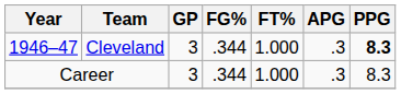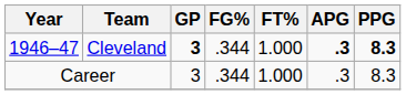 <table class="wikitable sortable" style="font-size:95%; text-align:right;">
 <tr>
 <th>Year</th>
 <th>Team</th>
 <th>GP</th>
 <th>FG%</th>
 <th>FT%</th>
 <th>APG</th>
 <th>PPG</th>
 </tr>
 <tr>
 <td style="text-align:left;"><a href='#'>1946–47</a></td>
 <td style="text-align:left;"><a href='#'>Cleveland</a></td>
-<td>3</td>
+<td><strong>3</strong></td>
 <td>.344</td>
 <td>1.000</td>
-<td>.3</td>
+<td><strong>.3</strong></td>
 <td><strong>8.3</strong></td>
 </tr>
 <tr>
 <td style="text-align:center;" colspan="2">Career</td>
 <td>3</td>
 <td>.344</td>
 <td>1.000</td>
 <td>.3</td>
 <td>8.3</td>
 </tr>
 <tr>
 </tr>
 </table>
